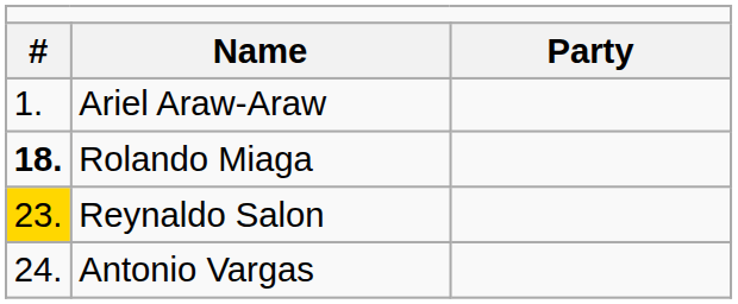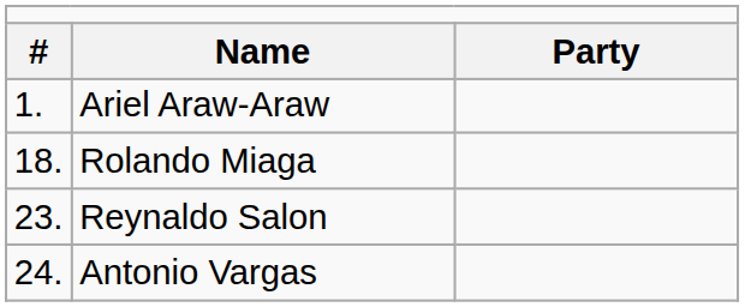 <table class=wikitable style="font-size:90%">
 <tr>
 <td colspan=4 bgcolor=></td>
 </tr>
 <tr>
 <th>#</th>
 <th width=150px>Name</th>
 <th colspan=2 width=110px>Party</th>
 </tr>
 <tr>
 <td>1.</td>
 <td>Ariel Araw-Araw</td>
 <td></td>
 </tr>
 <tr>
-<td><strong>18.</strong></td>
+<td>18.</td>
 <td>Rolando Miaga</td>
 <td></td>
 </tr>
 <tr>
-<td style="background: gold;">23.</td>
+<td>23.</td>
 <td>Reynaldo Salon</td>
 <td></td>
 </tr>
 <tr>
 <td>24.</td>
 <td>Antonio Vargas</td>
 <td></td>
 </tr>
 </table>
